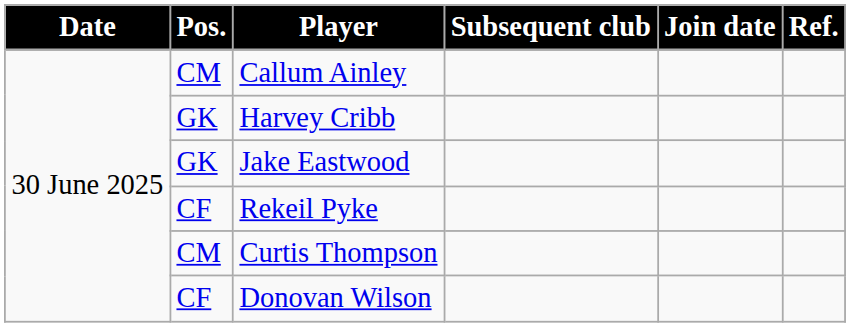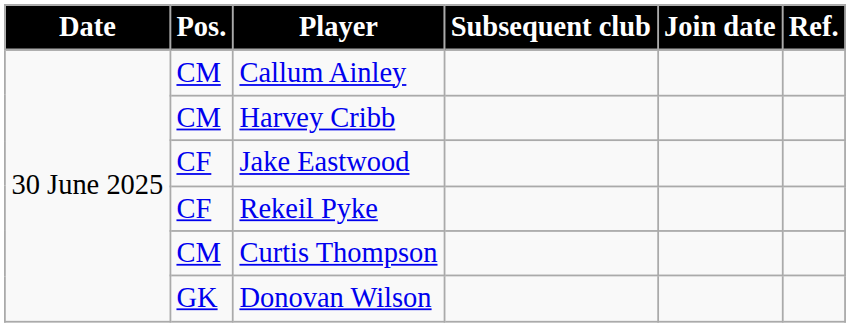 <table class="wikitable plainrowheaders sortable">
 <tr>
 <th style="background:black; color:#FFFFFF;">Date</th>
 <th style="background:black; color:#FFFFFF;">Pos.</th>
 <th style="background:black; color:#FFFFFF;">Player</th>
 <th style="background:black; color:#FFFFFF;">Subsequent club</th>
 <th style="background:black; color:#FFFFFF;">Join date</th>
 <th style="background:black; color:#FFFFFF;">Ref.</th>
 </tr>
 <tr>
 <td rowspan="6">30 June 2025</td>
 <td><a href='#'>CM</a></td>
 <td> <a href='#'>Callum Ainley</a></td>
 <td></td>
 <td></td>
 <td></td>
 </tr>
 <tr>
-<td><a href='#'>GK</a></td>
+<td><a href='#'>CM</a></td>
 <td> <a href='#'>Harvey Cribb</a></td>
 <td></td>
 <td></td>
 <td></td>
 </tr>
 <tr>
-<td><a href='#'>GK</a></td>
+<td><a href='#'>CF</a></td>
 <td> <a href='#'>Jake Eastwood</a></td>
 <td></td>
 <td></td>
 <td></td>
 </tr>
 <tr>
 <td><a href='#'>CF</a></td>
 <td> <a href='#'>Rekeil Pyke</a></td>
 <td></td>
 <td></td>
 <td></td>
 </tr>
 <tr>
 <td><a href='#'>CM</a></td>
 <td> <a href='#'>Curtis Thompson</a></td>
 <td></td>
 <td></td>
 <td></td>
 </tr>
 <tr>
-<td><a href='#'>CF</a></td>
+<td><a href='#'>GK</a></td>
 <td> <a href='#'>Donovan Wilson</a></td>
 <td></td>
 <td></td>
 <td></td>
 </tr>
 </table>
